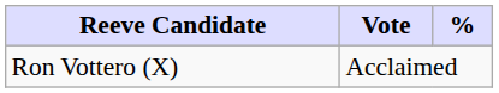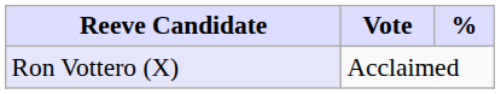 <table class="wikitable">
 <tr>
 <th style="background:#ddf; width:200px;">Reeve Candidate</th>
 <th style="background:#ddf; width:50px;">Vote</th>
 <th style="background:#ddf; width:30px;">%</th>
 </tr>
 <tr>
-<td>Ron Vottero (X)</td>
+<td style="background: lavender;">Ron Vottero (X)</td>
 <td colspan="2">Acclaimed</td>
 </tr>
 </table>
